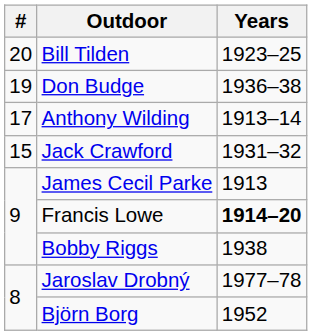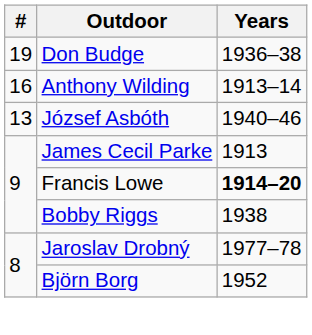 <table class=wikitable style="display:inline-table;">
 <tr>
 <th>#</th>
 <th>Outdoor</th>
 <th>Years</th>
 </tr>
 <tr>
-<td>20</td>
-<td> <a href='#'>Bill Tilden</a></td>
-<td>1923–25</td>
-</tr>
-<tr>
 <td>19</td>
 <td> <a href='#'>Don Budge</a></td>
 <td>1936–38</td>
 </tr>
 <tr>
-<td>17</td>
+<td>16</td>
 <td> <a href='#'>Anthony Wilding</a></td>
 <td>1913–14</td>
 </tr>
 <tr>
-<td>15</td>
-<td> <a href='#'>Jack Crawford</a></td>
-<td>1931–32</td>
+<td>13</td>
+<td> <a href='#'>József Asbóth</a></td>
+<td>1940–46</td>
 </tr>
 <tr>
 <td rowspan="3">9</td>
 <td> <a href='#'>James Cecil Parke</a></td>
 <td>1913</td>
 </tr>
 <tr>
 <td> Francis Lowe</td>
 <td><strong>1914–20</strong></td>
 </tr>
 <tr>
 <td> <a href='#'>Bobby Riggs</a></td>
 <td>1938</td>
 </tr>
 <tr>
 <td rowspan="2">8</td>
 <td> <a href='#'>Jaroslav Drobný</a></td>
 <td>1977–78</td>
 </tr>
 <tr>
 <td> <a href='#'>Björn Borg</a></td>
 <td>1952</td>
 </tr>
 </table>
